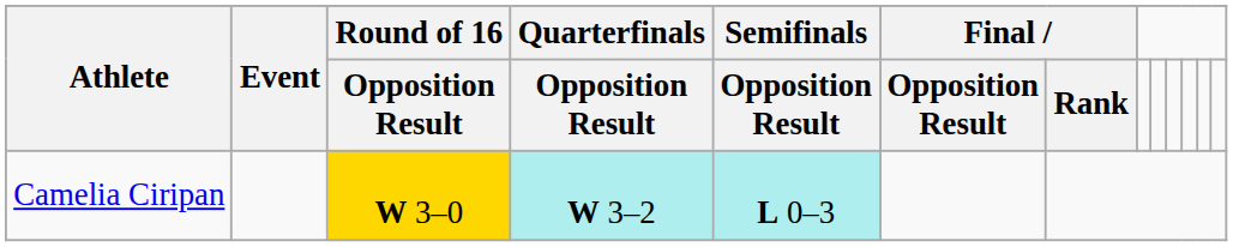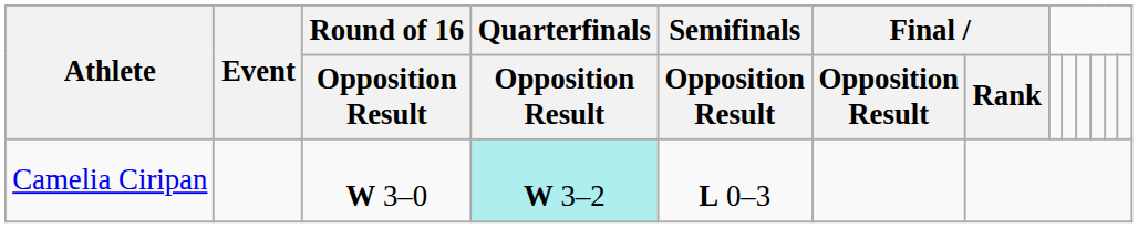 <table class=wikitable style="font-size:90%">
 <tr align=center>
 <th rowspan="2">Athlete</th>
 <th rowspan="2">Event</th>
 <th>Round of 16</th>
 <th>Quarterfinals</th>
 <th>Semifinals</th>
 <th colspan="2">Final / </th>
 </tr>
 <tr>
 <th>Opposition<br>Result</th>
 <th>Opposition<br>Result</th>
 <th>Opposition<br>Result</th>
 <th>Opposition<br>Result</th>
 <th>Rank</th>
 <td></td>
 <td></td>
 <td></td>
 <td></td>
 <td></td>
 <td></td>
 </tr>
 <tr align=center>
 <td align=left><a href='#'>Camelia Ciripan</a></td>
 <td></td>
-<td style="background: gold;"><br><strong>W</strong> 3–0</td>
+<td><br><strong>W</strong> 3–0</td>
 <td style="background: paleturquoise;"><br><strong>W</strong> 3–2</td>
-<td style="background: paleturquoise;"><br><strong>L</strong> 0–3</td>
+<td><br><strong>L</strong> 0–3</td>
 <td></td>
 </tr>
 </table>
